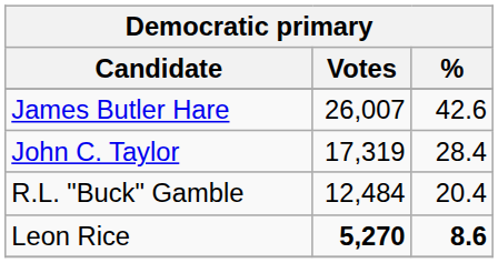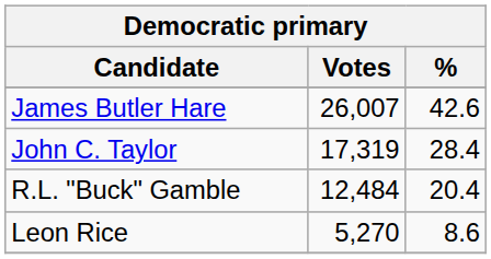 <table class="wikitable" align="left" style="margin: 1em 1em 1em 0; font-size: 95%;">
 <tr>
 <th colspan="3">Democratic primary</th>
 </tr>
 <tr>
 <th colspan="1" style="width: 170px">Candidate</th>
 <th style="width: 50px">Votes</th>
 <th style="width: 40px">%</th>
 </tr>
 <tr>
 </tr>
 <tr>
 <td><a href='#'>James Butler Hare</a></td>
 <td align="right">26,007</td>
 <td align="right">42.6</td>
 </tr>
 <tr>
 <td><a href='#'>John C. Taylor</a></td>
 <td align="right">17,319</td>
 <td align="right">28.4</td>
 </tr>
 <tr>
 <td>R.L. "Buck" Gamble</td>
 <td align="right">12,484</td>
 <td align="right">20.4</td>
 </tr>
 <tr>
 <td>Leon Rice</td>
-<td align="right"><strong>5,270</strong></td>
-<td align="right"><strong>8.6</strong></td>
+<td align="right">5,270</td>
+<td align="right">8.6</td>
 </tr>
 <tr>
 </tr>
 </table>
